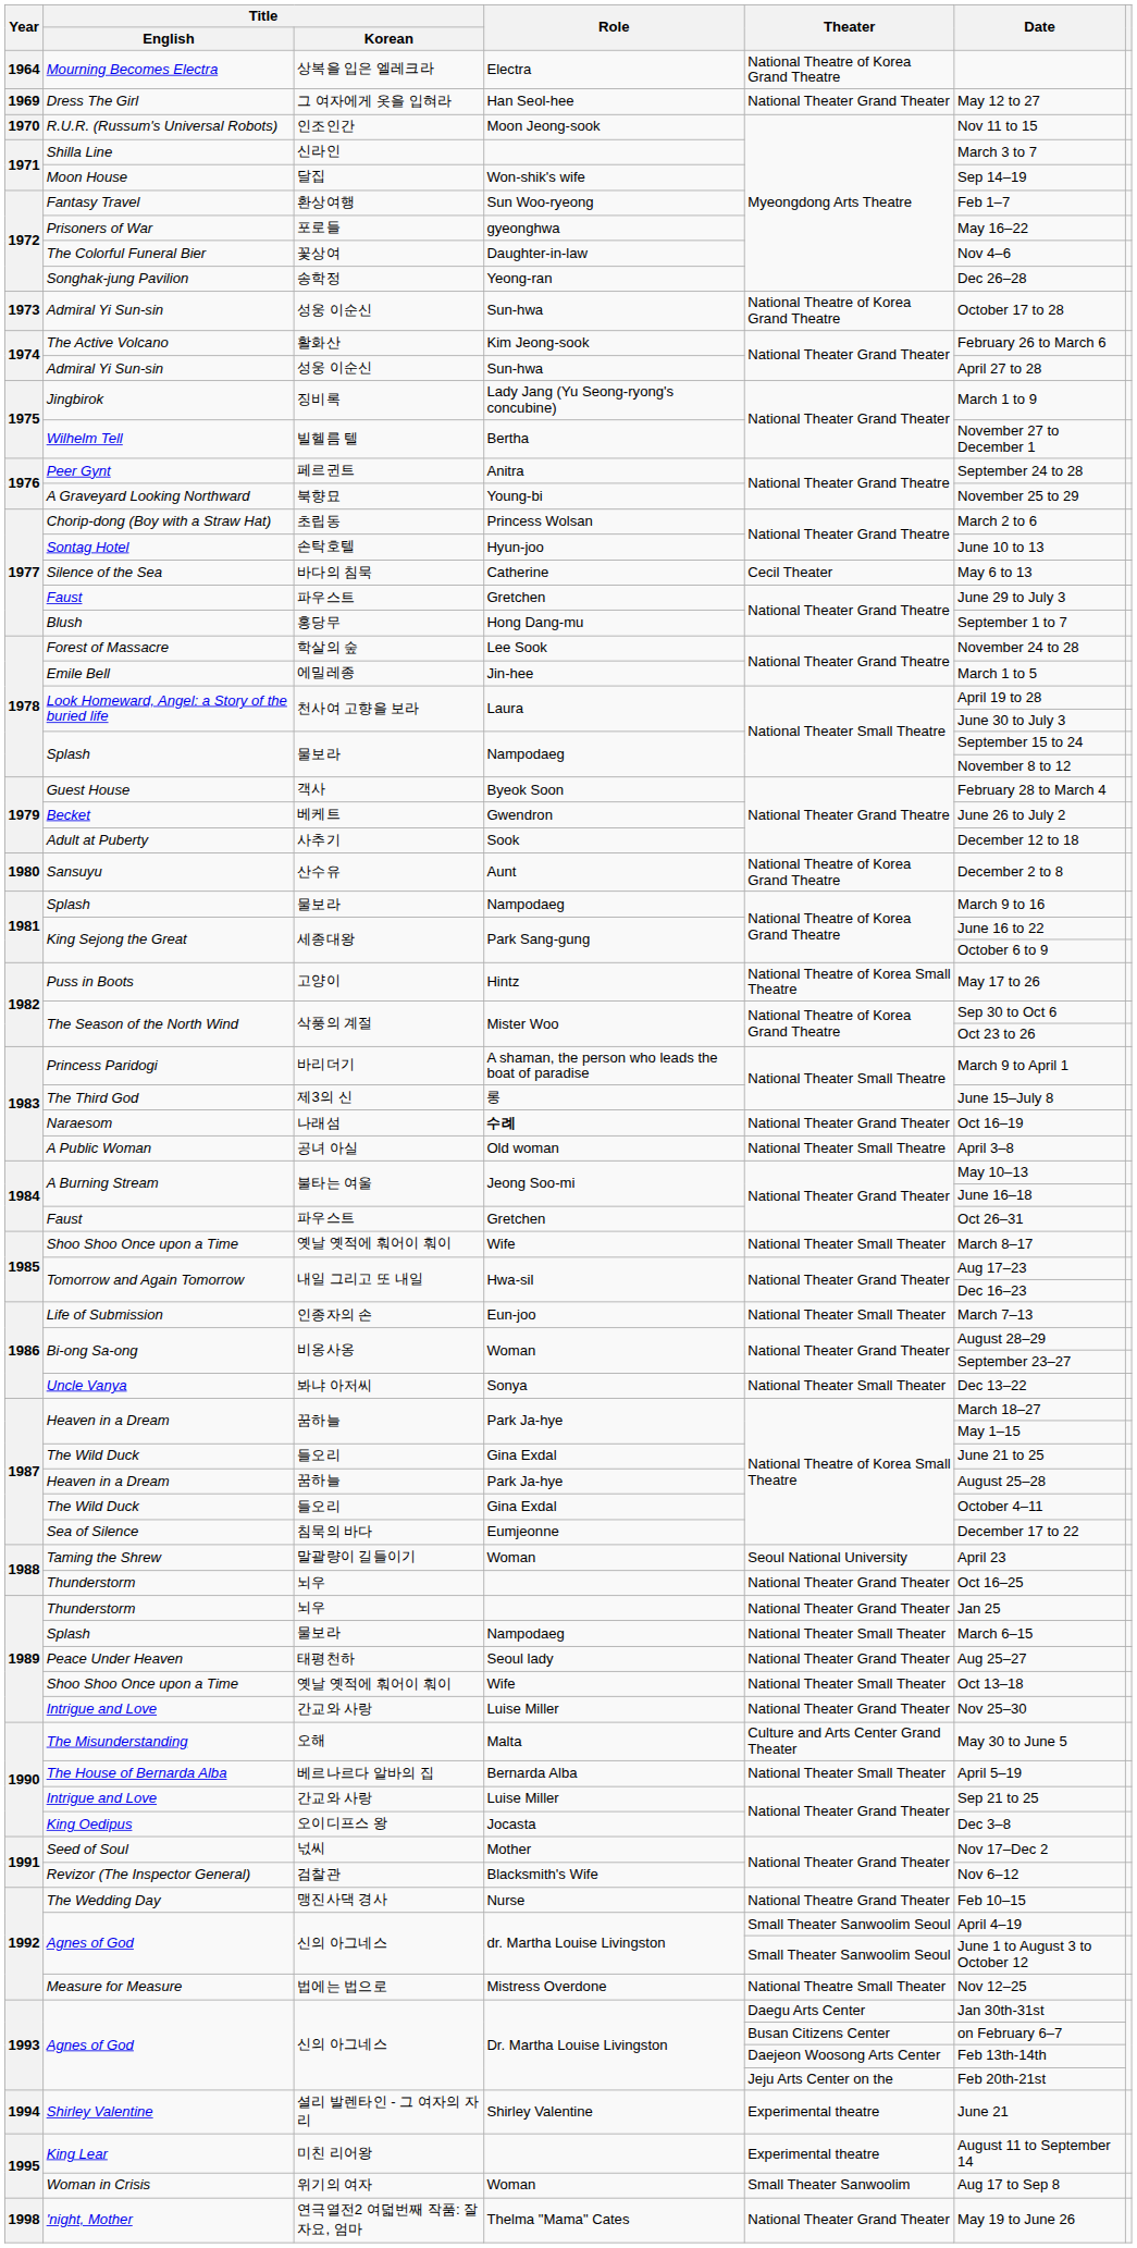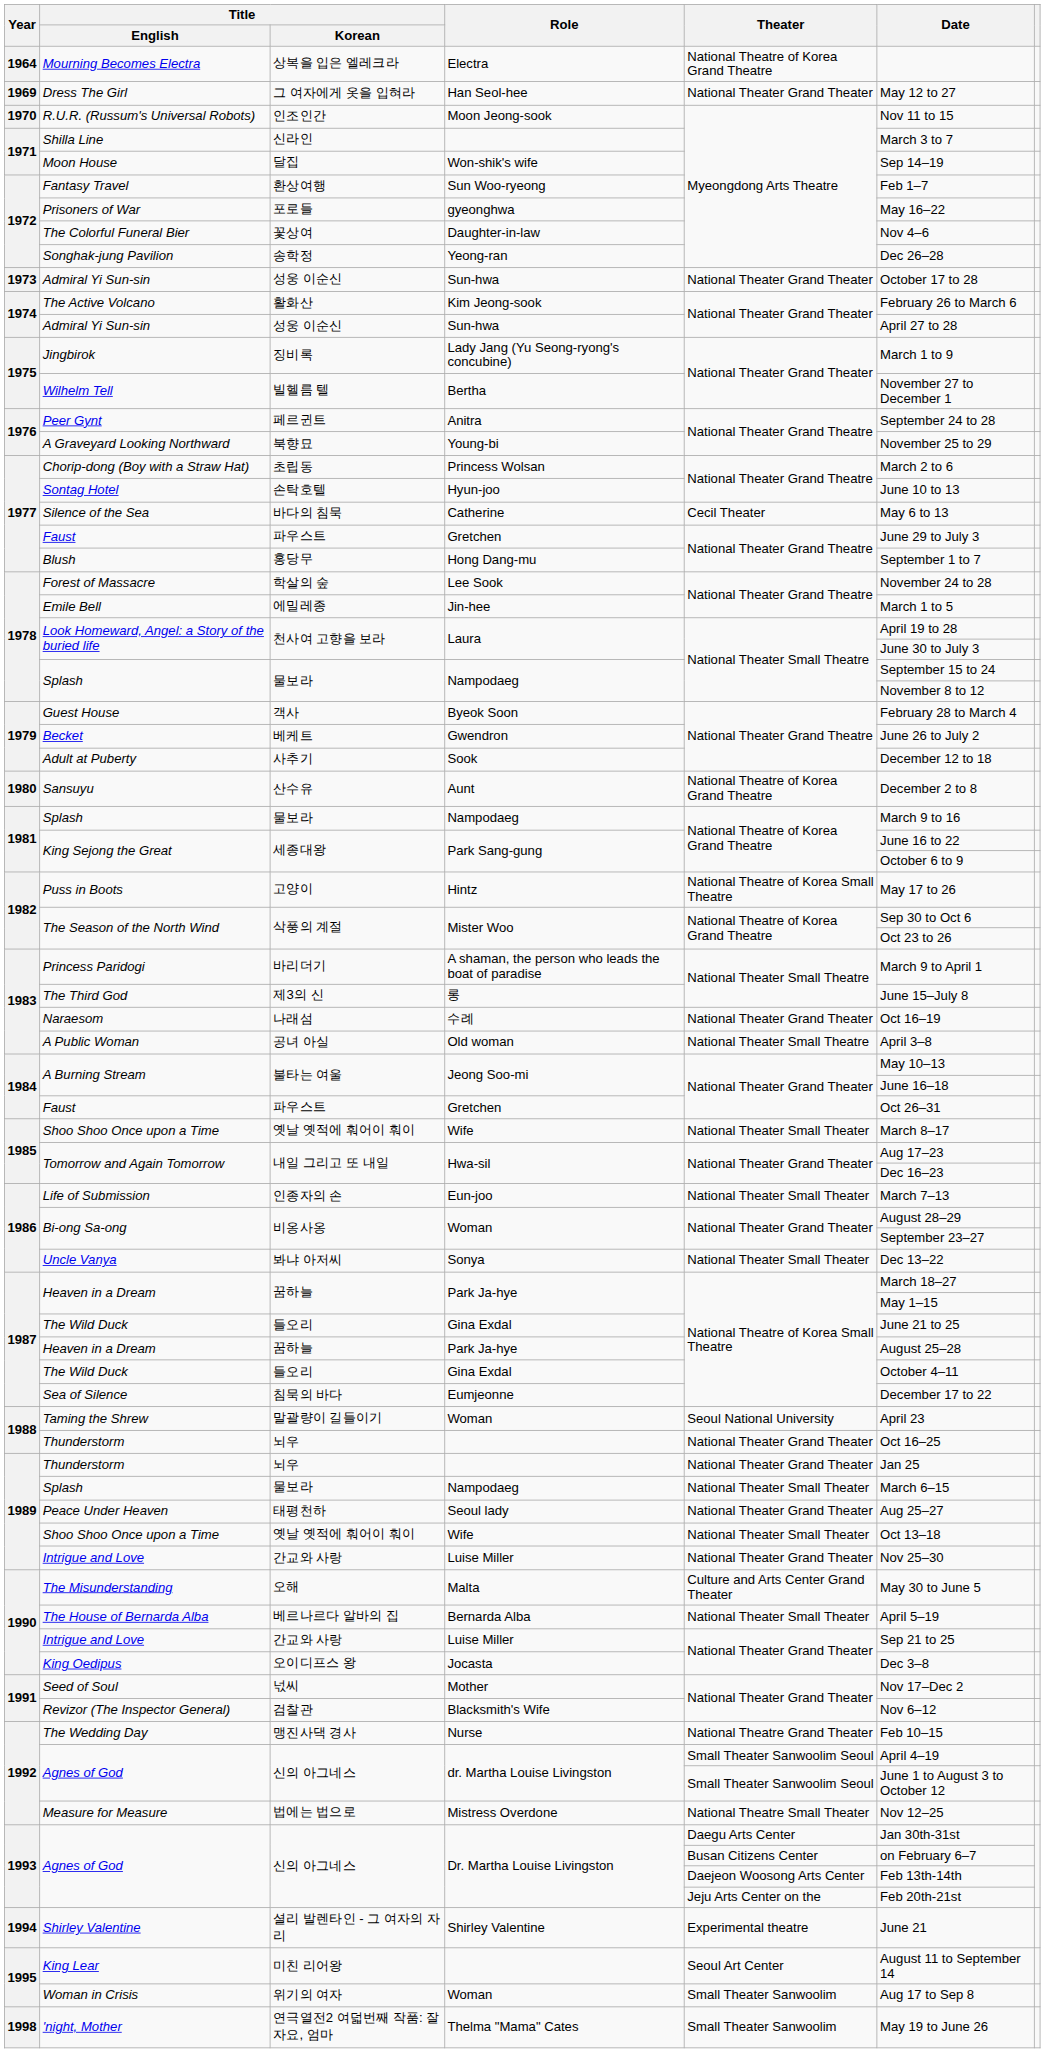 <table class="wikitable sortable plainrowheaders" style="clear:none; font-size:100%; padding:0 auto; width:100%; margin:auto">
 <tr>
 <th rowspan="2" scope="col">Year</th>
 <th colspan="2" scope="col">Title</th>
 <th rowspan="2" scope="col">Role</th>
 <th rowspan="2" scope="col">Theater</th>
 <th rowspan="2" scope="col">Date</th>
 <th rowspan="2" scope="col" class="unsortable"></th>
 </tr>
 <tr>
 <th>English</th>
 <th>Korean</th>
 </tr>
 <tr>
 <th scope="row">1964</th>
 <td><em><a href='#'>Mourning Becomes Electra</a></em></td>
 <td>상복을 입은 엘레크라</td>
 <td>Electra</td>
 <td>National Theatre of Korea Grand Theatre</td>
 <td></td>
 </tr>
 <tr>
 <th scope="row">1969</th>
 <td><em>Dress The Girl</em></td>
 <td>그 여자에게 옷을 입혀라</td>
 <td>Han Seol-hee</td>
 <td>National Theater Grand Theater</td>
 <td>May 12 to 27</td>
 <td></td>
 </tr>
 <tr>
 <th scope="row">1970</th>
 <td><em>R.U.R. (Russum's Universal Robots)</em></td>
 <td>인조인간</td>
 <td>Moon Jeong-sook</td>
 <td rowspan="7">Myeongdong Arts Theatre</td>
 <td>Nov 11 to 15</td>
 <td></td>
 </tr>
 <tr>
 <th scope="row" rowspan="2">1971</th>
 <td><em>Shilla Line</em></td>
 <td>신라인</td>
 <td></td>
 <td>March 3 to 7</td>
 <td></td>
 </tr>
 <tr>
 <td><em>Moon House</em></td>
 <td>달집</td>
 <td>Won-shik's wife</td>
 <td>Sep 14–19</td>
 <td></td>
 </tr>
 <tr>
 <th rowspan="4" scope="row">1972</th>
 <td><em>Fantasy Travel</em></td>
 <td>환상여행</td>
 <td>Sun Woo-ryeong</td>
 <td>Feb 1–7</td>
 <td></td>
 </tr>
 <tr>
 <td><em>Prisoners of War</em></td>
 <td>포로들</td>
 <td>gyeonghwa</td>
 <td>May 16–22</td>
 <td></td>
 </tr>
 <tr>
 <td><em>The Colorful Funeral Bier</em></td>
 <td>꽃상여</td>
 <td>Daughter-in-law</td>
 <td>Nov 4–6</td>
 <td></td>
 </tr>
 <tr>
 <td><em>Songhak-jung Pavilion</em></td>
 <td>송학정</td>
 <td>Yeong-ran</td>
 <td>Dec 26–28</td>
 <td></td>
 </tr>
 <tr>
 <th scope="row">1973</th>
 <td><em>Admiral Yi Sun-sin</em></td>
 <td>성웅 이순신</td>
 <td>Sun-hwa</td>
-<td>National Theatre of Korea Grand Theatre</td>
+<td>National Theater Grand Theater</td>
 <td>October 17 to 28</td>
 <td></td>
 </tr>
 <tr>
 <th rowspan="2" scope="row">1974</th>
 <td><em>The Active Volcano</em></td>
 <td>활화산</td>
 <td>Kim Jeong-sook</td>
 <td rowspan="2">National Theater Grand Theater</td>
 <td>February 26 to March 6</td>
 <td></td>
 </tr>
 <tr>
 <td><em>Admiral Yi Sun-sin</em></td>
 <td>성웅 이순신</td>
 <td>Sun-hwa</td>
 <td>April 27 to 28</td>
 <td></td>
 </tr>
 <tr>
 <th scope="row" rowspan="2">1975</th>
 <td><em>Jingbirok</em></td>
 <td>징비록</td>
 <td>Lady Jang (Yu Seong-ryong's concubine)</td>
 <td rowspan="2">National Theater Grand Theater</td>
 <td>March 1 to 9</td>
 <td></td>
 </tr>
 <tr>
 <td><a href='#'><em>Wilhelm Tell</em></a></td>
 <td>빌헬름 텔</td>
 <td>Bertha</td>
 <td>November 27 to December 1</td>
 <td></td>
 </tr>
 <tr>
 <th scope="row" rowspan="2">1976</th>
 <td><em><a href='#'>Peer Gynt</a></em></td>
 <td>페르귄트</td>
 <td>Anitra</td>
 <td rowspan="2">National Theater Grand Theatre</td>
 <td>September 24 to 28</td>
 <td></td>
 </tr>
 <tr>
 <td><em>A Graveyard Looking Northward</em></td>
 <td>북향묘</td>
 <td>Young-bi</td>
 <td>November 25 to 29</td>
 <td></td>
 </tr>
 <tr>
 <th scope="row" rowspan="5">1977</th>
 <td><em>Chorip-dong (Boy with a Straw Hat)</em></td>
 <td>초립동</td>
 <td>Princess Wolsan</td>
 <td rowspan="2">National Theater Grand Theatre</td>
 <td>March 2 to 6</td>
 <td></td>
 </tr>
 <tr>
 <td><em><a href='#'>Sontag Hotel</a></em></td>
 <td>손탁호텔</td>
 <td>Hyun-joo</td>
 <td>June 10 to 13</td>
 <td></td>
 </tr>
 <tr>
 <td><em>Silence of the Sea</em></td>
 <td>바다의 침묵</td>
 <td>Catherine</td>
 <td>Cecil Theater</td>
 <td>May 6 to 13</td>
 <td></td>
 </tr>
 <tr>
 <td><a href='#'><em>Faust</em></a></td>
 <td>파우스트</td>
 <td>Gretchen</td>
 <td rowspan="2">National Theater Grand Theatre</td>
 <td>June 29 to July 3</td>
 <td></td>
 </tr>
 <tr>
 <td><em>Blush</em></td>
 <td>홍당무</td>
 <td>Hong Dang-mu</td>
 <td>September 1 to 7</td>
 <td></td>
 </tr>
 <tr>
 <th rowspan="6" scope="row">1978</th>
 <td><em>Forest of Massacre</em></td>
 <td>학살의 숲</td>
 <td>Lee Sook</td>
 <td rowspan="2">National Theater Grand Theatre</td>
 <td>November 24 to 28</td>
 <td></td>
 </tr>
 <tr>
 <td><em>Emile Bell</em></td>
 <td>에밀레종</td>
 <td>Jin-hee</td>
 <td>March 1 to 5</td>
 <td></td>
 </tr>
 <tr>
 <td rowspan="2"><a href='#'><em>Look Homeward, Angel: a Story of the buried life</em></a></td>
 <td rowspan="2">천사여 고향을 보라</td>
 <td rowspan="2">Laura</td>
 <td rowspan="4">National Theater Small Theatre</td>
 <td>April 19 to 28</td>
 <td></td>
 </tr>
 <tr>
 <td>June 30 to July 3</td>
 <td></td>
 </tr>
 <tr>
 <td rowspan="2"><em>Splash</em></td>
 <td rowspan="2">물보라</td>
 <td rowspan="2">Nampodaeg</td>
 <td>September 15 to 24</td>
 <td></td>
 </tr>
 <tr>
 <td>November 8 to 12</td>
 <td></td>
 </tr>
 <tr>
 <th scope="row" rowspan="3">1979</th>
 <td><em>Guest House</em></td>
 <td>객사</td>
 <td>Byeok Soon</td>
 <td rowspan="3">National Theater Grand Theatre</td>
 <td>February 28 to March 4</td>
 <td></td>
 </tr>
 <tr>
 <td><a href='#'><em>Becket</em></a></td>
 <td>베케트</td>
 <td>Gwendron</td>
 <td>June 26 to July 2</td>
 <td></td>
 </tr>
 <tr>
 <td><em>Adult at Puberty</em></td>
 <td>사추기</td>
 <td>Sook</td>
 <td>December 12 to 18</td>
 <td></td>
 </tr>
 <tr>
 <th scope="row" rowspan="1">1980</th>
 <td><em>Sansuyu</em></td>
 <td>산수유</td>
 <td>Aunt</td>
 <td>National Theatre of Korea Grand Theatre</td>
 <td>December 2 to 8</td>
 <td></td>
 </tr>
 <tr>
 <th scope="row" rowspan="3">1981</th>
 <td><em>Splash</em></td>
 <td>물보라</td>
 <td>Nampodaeg</td>
 <td rowspan="3">National Theatre of Korea Grand Theatre</td>
 <td>March 9 to 16</td>
 <td></td>
 </tr>
 <tr>
 <td rowspan="2"><em>King Sejong the Great</em></td>
 <td rowspan="2">세종대왕</td>
 <td rowspan="2">Park Sang-gung</td>
 <td>June 16 to 22</td>
 <td></td>
 </tr>
 <tr>
 <td>October 6 to 9</td>
 <td></td>
 </tr>
 <tr>
 <th rowspan="3" scope="row">1982</th>
 <td><em>Puss in Boots</em></td>
 <td>고양이</td>
 <td>Hintz</td>
 <td>National Theatre of Korea Small Theatre</td>
 <td>May 17 to 26</td>
 <td></td>
 </tr>
 <tr>
 <td rowspan="2"><em>The Season of the North Wind</em></td>
 <td rowspan="2">삭풍의 계절</td>
 <td rowspan="2">Mister Woo</td>
 <td rowspan="2">National Theatre of Korea Grand Theatre</td>
 <td>Sep 30 to Oct 6</td>
 <td></td>
 </tr>
 <tr>
 <td>Oct 23 to 26</td>
 <td></td>
 </tr>
 <tr>
 <th scope="row" rowspan="4">1983</th>
 <td><em>Princess Paridogi</em></td>
 <td>바리더기</td>
 <td>A shaman, the person who leads the boat of paradise</td>
 <td rowspan="2">National Theater Small Theatre</td>
 <td>March 9 to  April 1</td>
 <td></td>
 </tr>
 <tr>
 <td><em>The Third God</em></td>
 <td>제3의 신</td>
 <td>롱</td>
 <td>June 15–July 8</td>
 <td></td>
 </tr>
 <tr>
 <td><em>Naraesom</em></td>
 <td>나래섬</td>
-<td><strong>수례</strong></td>
+<td>수례</td>
 <td>National Theater Grand Theater</td>
 <td>Oct 16–19</td>
 <td></td>
 </tr>
 <tr>
 <td><em>A Public Woman</em></td>
 <td>공녀 아실</td>
 <td>Old woman</td>
 <td>National Theater Small Theatre</td>
 <td>April 3–8</td>
 <td></td>
 </tr>
 <tr>
 <th scope="row" rowspan="3">1984</th>
 <td rowspan="2"><em>A Burning Stream</em></td>
 <td rowspan="2">불타는 여울</td>
 <td rowspan="2">Jeong Soo-mi</td>
 <td rowspan="3">National Theater Grand Theater</td>
 <td>May 10–13</td>
 <td></td>
 </tr>
 <tr>
 <td>June 16–18</td>
 <td></td>
 </tr>
 <tr>
 <td><em>Faust</em></td>
 <td>파우스트</td>
 <td>Gretchen</td>
 <td>Oct 26–31</td>
 <td></td>
 </tr>
 <tr>
 <th scope="row" rowspan="3">1985</th>
 <td><em>Shoo Shoo Once upon a Time</em></td>
 <td>옛날 옛적에 훠어이 훠이</td>
 <td>Wife</td>
 <td>National Theater Small Theater</td>
 <td>March 8–17</td>
 <td></td>
 </tr>
 <tr>
 <td rowspan="2"><em>Tomorrow and Again Tomorrow</em></td>
 <td rowspan="2">내일 그리고 또 내일</td>
 <td rowspan="2">Hwa-sil</td>
 <td rowspan="2">National Theater Grand Theater</td>
 <td>Aug 17–23</td>
 <td></td>
 </tr>
 <tr>
 <td>Dec 16–23</td>
 <td></td>
 </tr>
 <tr>
 <th scope="row" rowspan="4">1986</th>
 <td><em>Life of Submission</em></td>
 <td>인종자의 손</td>
 <td>Eun-joo</td>
 <td>National Theater Small Theater</td>
 <td>March 7–13</td>
 <td></td>
 </tr>
 <tr>
 <td rowspan="2"><em>Bi-ong Sa-ong</em></td>
 <td rowspan="2">비옹사옹</td>
 <td rowspan="2">Woman</td>
 <td rowspan="2">National Theater Grand Theater</td>
 <td>August 28–29</td>
 <td></td>
 </tr>
 <tr>
 <td>September 23–27</td>
 <td></td>
 </tr>
 <tr>
 <td><em><a href='#'>Uncle Vanya</a></em></td>
 <td>봐냐 아저씨</td>
 <td>Sonya</td>
 <td>National Theater Small Theater</td>
 <td>Dec 13–22</td>
 <td></td>
 </tr>
 <tr>
 <th scope="row" rowspan="6">1987</th>
 <td rowspan="2"><em>Heaven in a Dream</em></td>
 <td rowspan="2">꿈하늘</td>
 <td rowspan="2">Park Ja-hye</td>
 <td rowspan="6">National Theatre of Korea Small Theatre</td>
 <td>March 18–27</td>
 <td></td>
 </tr>
 <tr>
 <td>May 1–15</td>
 <td></td>
 </tr>
 <tr>
 <td><em>The Wild Duck</em></td>
 <td>들오리</td>
 <td>Gina Exdal</td>
 <td>June 21 to 25</td>
 <td></td>
 </tr>
 <tr>
 <td><em>Heaven in a Dream</em></td>
 <td>꿈하늘</td>
 <td>Park Ja-hye</td>
 <td>August 25–28</td>
 <td></td>
 </tr>
 <tr>
 <td><em>The Wild Duck</em></td>
 <td>들오리</td>
 <td>Gina Exdal</td>
 <td>October 4–11</td>
 <td></td>
 </tr>
 <tr>
 <td><em>Sea of Silence</em></td>
 <td>침묵의 바다</td>
 <td>Eumjeonne</td>
 <td>December 17 to 22</td>
 <td></td>
 </tr>
 <tr>
 <th scope="row" rowspan="2">1988</th>
 <td><em>Taming the Shrew</em></td>
 <td>말괄량이 길들이기</td>
 <td>Woman</td>
 <td>Seoul National University</td>
 <td>April 23</td>
 <td></td>
 </tr>
 <tr>
 <td><em>Thunderstorm</em></td>
 <td>뇌우</td>
 <td></td>
 <td>National Theater Grand Theater</td>
 <td>Oct 16–25</td>
 <td></td>
 </tr>
 <tr>
 <th scope="row" rowspan="5">1989</th>
 <td><em>Thunderstorm</em></td>
 <td>뇌우</td>
 <td></td>
 <td>National Theater Grand Theater</td>
 <td>Jan 25</td>
 <td></td>
 </tr>
 <tr>
 <td><em>Splash</em></td>
 <td>물보라</td>
 <td>Nampodaeg</td>
 <td>National Theater Small Theater</td>
 <td>March 6–15</td>
 <td></td>
 </tr>
 <tr>
 <td><em>Peace Under Heaven</em></td>
 <td>태평천하</td>
 <td>Seoul lady</td>
 <td>National Theater Grand Theater</td>
 <td>Aug 25–27</td>
 <td></td>
 </tr>
 <tr>
 <td><em>Shoo Shoo Once upon a Time</em></td>
 <td>옛날 옛적에 훠어이 훠이</td>
 <td>Wife</td>
 <td>National Theater Small Theater</td>
 <td>Oct 13–18</td>
 <td></td>
 </tr>
 <tr>
 <td><em><a href='#'>Intrigue and Love</a></em></td>
 <td>간교와 사랑</td>
 <td>Luise Miller</td>
 <td>National Theater Grand Theater</td>
 <td>Nov 25–30</td>
 <td></td>
 </tr>
 <tr>
 <th rowspan="4" scope="row">1990</th>
 <td><em><a href='#'>The Misunderstanding</a></em></td>
 <td>오해</td>
 <td>Malta</td>
 <td>Culture and Arts Center Grand Theater</td>
 <td>May 30 to June 5</td>
 <td></td>
 </tr>
 <tr>
 <td><em><a href='#'>The House of Bernarda Alba</a></em></td>
 <td>베르나르다 알바의 집</td>
 <td>Bernarda Alba</td>
 <td>National Theater Small Theater</td>
 <td>April 5–19</td>
 <td></td>
 </tr>
 <tr>
 <td><em><a href='#'>Intrigue and Love</a></em></td>
 <td>간교와 사랑</td>
 <td>Luise Miller</td>
 <td rowspan="2">National Theater Grand Theater</td>
 <td>Sep 21 to 25</td>
 <td></td>
 </tr>
 <tr>
 <td><em><a href='#'>King Oedipus</a></em></td>
 <td>오이디프스 왕</td>
 <td>Jocasta</td>
 <td>Dec 3–8</td>
 <td></td>
 </tr>
 <tr>
 <th scope="row" rowspan="2">1991</th>
 <td><em>Seed of Soul</em></td>
 <td>넋씨</td>
 <td>Mother</td>
 <td rowspan="2">National Theater Grand Theater</td>
 <td>Nov 17–Dec 2</td>
 <td></td>
 </tr>
 <tr>
 <td><em>Revizor (The Inspector General)</em></td>
 <td>검찰관</td>
 <td>Blacksmith's Wife</td>
 <td>Nov 6–12</td>
 <td></td>
 </tr>
 <tr>
 <th rowspan="4" scope="row">1992</th>
 <td><em>The Wedding Day</em></td>
 <td>맹진사댁 경사</td>
 <td>Nurse</td>
 <td>National Theatre Grand Theater</td>
 <td>Feb 10–15</td>
 <td></td>
 </tr>
 <tr>
 <td rowspan="2"><em><a href='#'>Agnes of God</a></em></td>
 <td rowspan="2">신의 아그네스</td>
 <td rowspan="2">dr. Martha Louise Livingston</td>
 <td>Small Theater Sanwoolim Seoul</td>
 <td>April 4–19</td>
 <td></td>
 </tr>
 <tr>
 <td>Small Theater Sanwoolim Seoul</td>
 <td>June 1 to August 3 to October 12</td>
 <td></td>
 </tr>
 <tr>
 <td><em>Measure for Measure</em></td>
 <td>법에는 법으로</td>
 <td>Mistress Overdone</td>
 <td>National Theatre Small Theater</td>
 <td>Nov 12–25</td>
 <td></td>
 </tr>
 <tr>
 <th rowspan="4" scope="row">1993</th>
 <td rowspan="4"><em><a href='#'>Agnes of God</a></em></td>
 <td rowspan="4">신의 아그네스</td>
 <td rowspan="4">Dr. Martha Louise Livingston</td>
 <td>Daegu Arts Center</td>
 <td>Jan 30th-31st</td>
 <td rowspan="4"></td>
 </tr>
 <tr>
 <td>Busan Citizens Center</td>
 <td>on February 6–7</td>
 </tr>
 <tr>
 <td>Daejeon Woosong Arts Center</td>
 <td>Feb 13th-14th</td>
 </tr>
 <tr>
 <td>Jeju Arts Center on the</td>
 <td>Feb 20th-21st</td>
 </tr>
 <tr>
 <th scope="row">1994</th>
 <td><em><a href='#'>Shirley Valentine</a></em></td>
 <td>셜리 발렌타인 - 그 여자의 자리</td>
 <td>Shirley Valentine</td>
 <td>Experimental theatre</td>
 <td>June 21</td>
 <td></td>
 </tr>
 <tr>
 <th scope="row" rowspan="2">1995</th>
 <td><em><a href='#'>King Lear</a></em></td>
 <td>미친 리어왕</td>
 <td></td>
-<td>Experimental theatre</td>
+<td>Seoul Art Center</td>
 <td>August 11 to September 14</td>
 <td></td>
 </tr>
 <tr>
 <td><em>Woman in Crisis</em></td>
 <td>위기의 여자</td>
 <td>Woman</td>
 <td>Small Theater Sanwoolim</td>
 <td>Aug 17 to Sep 8</td>
 <td></td>
 </tr>
 <tr>
 <th scope="row">1998</th>
 <td><em><a href='#'>'night, Mother</a></em></td>
 <td>연극열전2 여덟번째 작품: 잘자요, 엄마</td>
 <td>Thelma "Mama" Cates</td>
-<td>National Theater Grand Theater</td>
+<td>Small Theater Sanwoolim</td>
 <td>May 19 to June 26</td>
 <td></td>
 </tr>
 </table>
